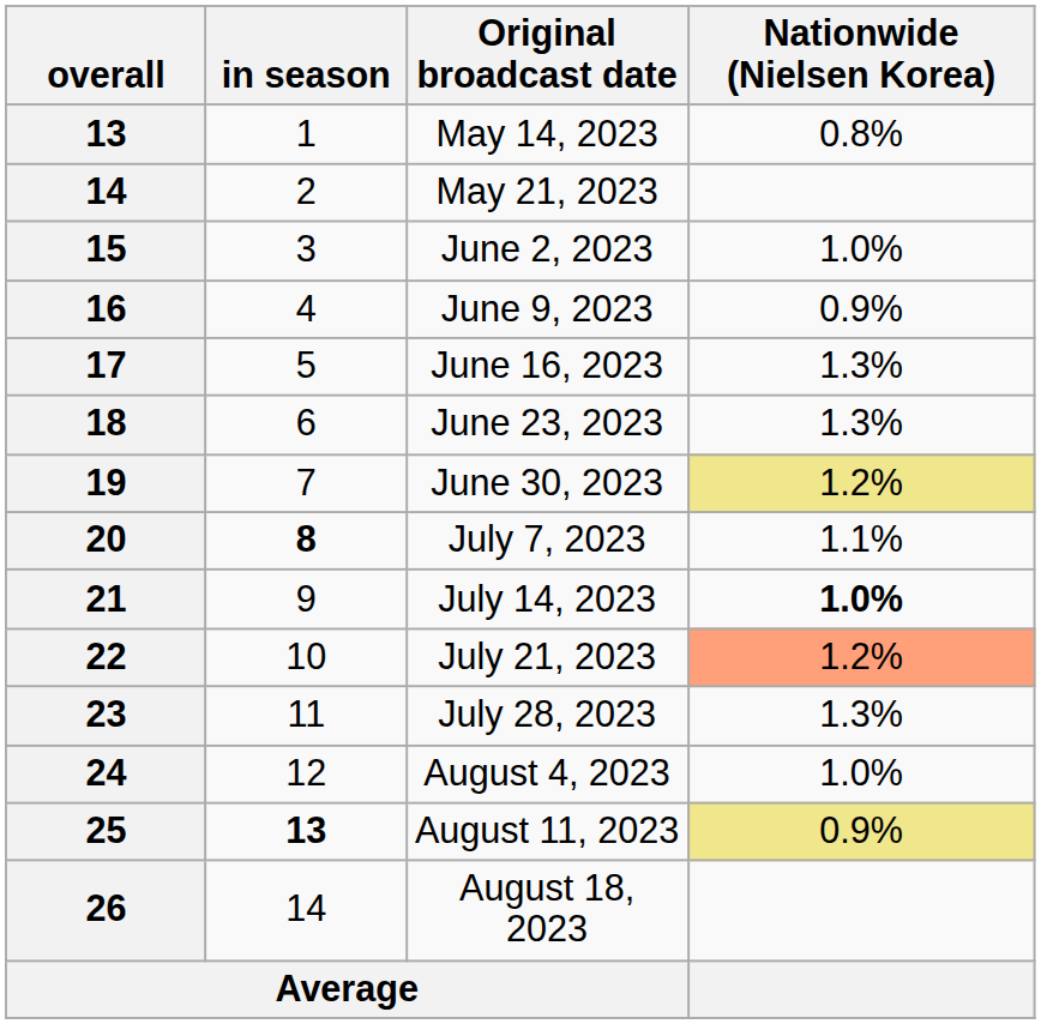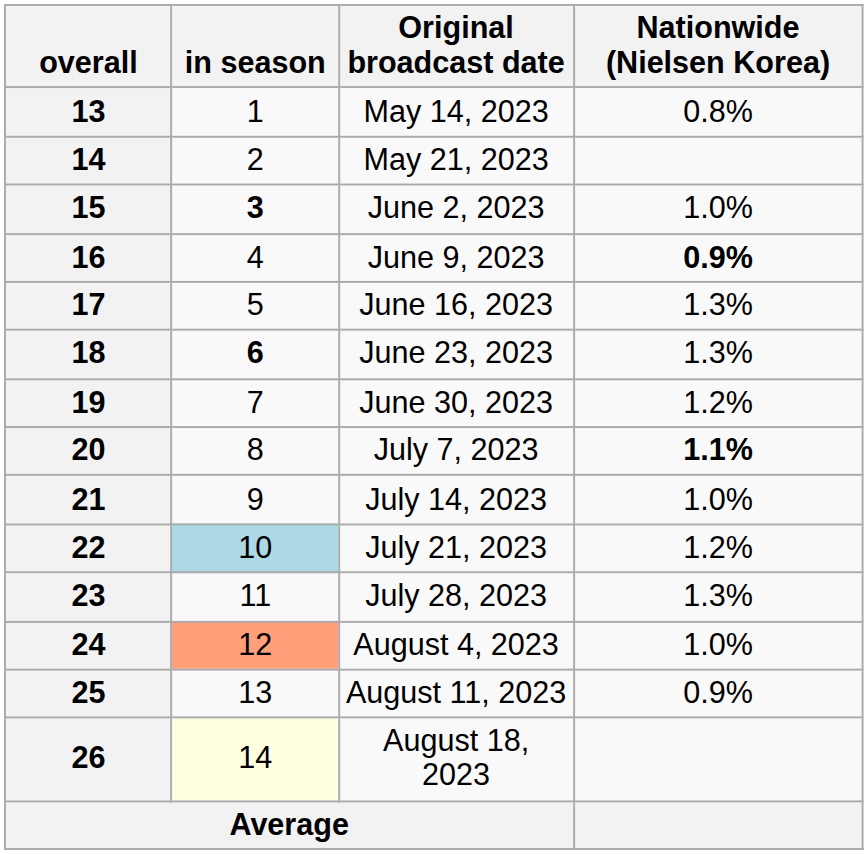 <table class="wikitable" style="width:450px; text-align:center">
 <tr>
 <th scope="col" style="width:5em"><br>overall</th>
 <th scope="col" style="width:5em"><br>in season</th>
 <th scope="col">Original broadcast date</th>
 <th scope="col" style="width:9em">Nationwide<br>(Nielsen Korea)</th>
 </tr>
 <tr>
 <th>13</th>
 <td>1</td>
 <td>May 14, 2023</td>
 <td>0.8%</td>
 </tr>
 <tr>
 <th>14</th>
 <td>2</td>
 <td>May 21, 2023</td>
 <td><strong></strong></td>
 </tr>
 <tr>
 <th>15</th>
-<td>3</td>
+<td><strong>3</strong></td>
 <td>June 2, 2023</td>
 <td>1.0%</td>
 </tr>
 <tr>
 <th>16</th>
 <td>4</td>
 <td>June 9, 2023</td>
-<td>0.9%</td>
+<td><strong>0.9%</strong></td>
 </tr>
 <tr>
 <th>17</th>
 <td>5</td>
 <td>June 16, 2023</td>
 <td>1.3%</td>
 </tr>
 <tr>
 <th>18</th>
-<td>6</td>
+<td><strong>6</strong></td>
 <td>June 23, 2023</td>
 <td>1.3%</td>
 </tr>
 <tr>
 <th>19</th>
 <td>7</td>
 <td>June 30, 2023</td>
-<td style="background: khaki;">1.2%</td>
+<td>1.2%</td>
 </tr>
 <tr>
 <th>20</th>
-<td><strong>8</strong></td>
+<td>8</td>
 <td>July 7, 2023</td>
-<td>1.1%</td>
+<td><strong>1.1%</strong></td>
 </tr>
 <tr>
 <th>21</th>
 <td>9</td>
 <td>July 14, 2023</td>
-<td><strong>1.0%</strong></td>
+<td>1.0%</td>
 </tr>
 <tr>
 <th>22</th>
-<td>10</td>
+<td style="background: lightblue;">10</td>
 <td>July 21, 2023</td>
-<td style="background: lightsalmon;">1.2%</td>
+<td>1.2%</td>
 </tr>
 <tr>
 <th>23</th>
 <td>11</td>
 <td>July 28, 2023</td>
 <td>1.3%</td>
 </tr>
 <tr>
 <th>24</th>
-<td>12</td>
+<td style="background: lightsalmon;">12</td>
 <td>August 4, 2023</td>
 <td>1.0%</td>
 </tr>
 <tr>
 <th>25</th>
-<td><strong>13</strong></td>
+<td>13</td>
 <td>August 11, 2023</td>
-<td style="background: khaki;">0.9%</td>
+<td>0.9%</td>
 </tr>
 <tr>
 <th>26</th>
-<td>14</td>
+<td style="background: lightyellow;">14</td>
 <td>August 18, 2023</td>
 <td><strong></strong></td>
 </tr>
 <tr>
 <th scope="col" colspan="3">Average</th>
 <th scope="col"></th>
 </tr>
 <tr>
 </tr>
 </table>
